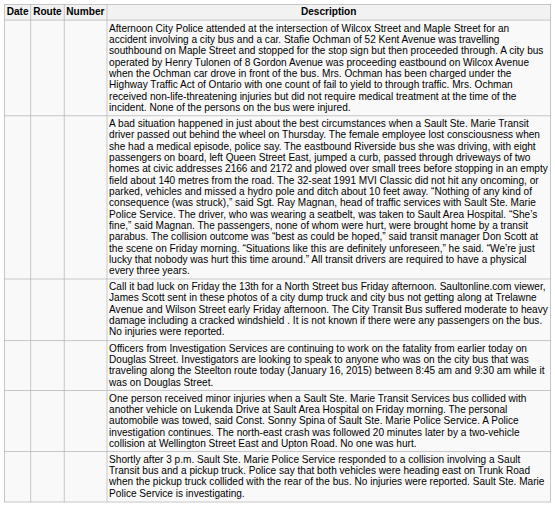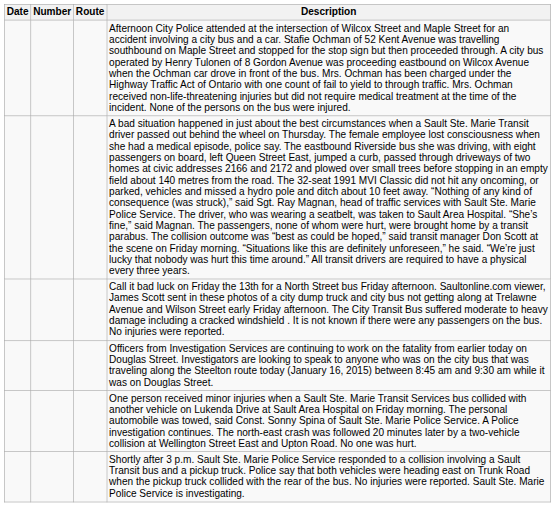 <table class="wikitable">
 <tr>
 <th>Date</th>
+<th>Number</th>
 <th>Route</th>
-<th>Number</th>
 <th>Description</th>
 </tr>
 <tr>
 <td></td>
 <td></td>
 <td></td>
 <td>Afternoon City Police attended at the intersection of Wilcox Street and Maple Street for an accident involving a city bus and a car. Stafie Ochman of 52 Kent Avenue was travelling southbound on Maple Street and stopped for the stop sign but then proceeded through. A city bus operated by Henry Tulonen of 8 Gordon Avenue was proceeding eastbound on Wilcox Avenue when the Ochman car drove in front of the bus. Mrs. Ochman has been charged under the Highway Traffic Act of Ontario with one count of fail to yield to through traffic. Mrs. Ochman received non-life-threatening injuries but did not require medical treatment at the time of the incident. None of the persons on the bus were injured.</td>
 </tr>
 <tr>
 <td></td>
 <td></td>
 <td></td>
 <td>A bad situation happened in just about the best circumstances when a Sault Ste. Marie Transit driver passed out behind the wheel on Thursday. The female employee lost consciousness when she had a medical episode, police say. The eastbound Riverside bus she was driving, with eight passengers on board, left Queen Street East, jumped a curb, passed through driveways of two homes at civic addresses 2166 and 2172 and plowed over small trees before stopping in an empty field about 140 metres from the road. The 32-seat 1991 MVI Classic did not hit any oncoming, or parked, vehicles and missed a hydro pole and ditch about 10 feet away. “Nothing of any kind of consequence (was struck),” said Sgt. Ray Magnan, head of traffic services with Sault Ste. Marie Police Service. The driver, who was wearing a seatbelt, was taken to Sault Area Hospital. “She’s fine,” said Magnan. The passengers, none of whom were hurt, were brought home by a transit parabus. The collision outcome was “best as could be hoped,” said transit manager Don Scott at the scene on Friday morning. “Situations like this are definitely unforeseen,” he said. “We’re just lucky that nobody was hurt this time around.” All transit drivers are required to have a physical every three years.</td>
 </tr>
 <tr>
 <td></td>
 <td></td>
 <td></td>
 <td>Call it bad luck on Friday the 13th for a North Street bus Friday afternoon. Saultonline.com viewer, James Scott sent in these photos of a city dump truck and city bus not getting along at Trelawne Avenue and Wilson Street early Friday afternoon. The City Transit Bus suffered moderate to heavy damage including a cracked windshield . It is not known if there were any passengers on the bus. No injuries were reported.</td>
 </tr>
 <tr>
 <td></td>
 <td></td>
 <td></td>
 <td>Officers from Investigation Services are continuing to work on the fatality from earlier today on Douglas Street. Investigators are looking to speak to anyone who was on the city bus that was traveling along the Steelton route today (January 16, 2015) between 8:45 am and 9:30 am while it was on Douglas Street.</td>
 </tr>
 <tr>
 <td></td>
 <td></td>
 <td></td>
 <td>One person received minor injuries when a Sault Ste. Marie Transit Services bus collided with another vehicle on Lukenda Drive at Sault Area Hospital on Friday morning. The personal automobile was towed, said Const. Sonny Spina of Sault Ste. Marie Police Service. A Police investigation continues. The north-east crash was followed 20 minutes later by a two-vehicle collision at Wellington Street East and Upton Road. No one was hurt.</td>
 </tr>
 <tr>
 <td></td>
 <td></td>
 <td></td>
 <td>Shortly after 3 p.m. Sault Ste. Marie Police Service responded to a collision involving a Sault Transit bus and a pickup truck. Police say that both vehicles were heading east on Trunk Road when the pickup truck collided with the rear of the bus. No injuries were reported. Sault Ste. Marie Police Service is investigating.</td>
 </tr>
 </table>
